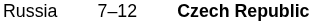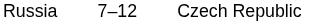 <table style="text-align:center">
 <tr>
 <th width=200></th>
 <th width=100></th>
 <th width=200></th>
 </tr>
 <tr>
 <td align=right>Russia </td>
 <td>7–12</td>
-<td align=left><strong> Czech Republic</strong></td>
+<td align=left> Czech Republic</td>
 </tr>
 </table>
